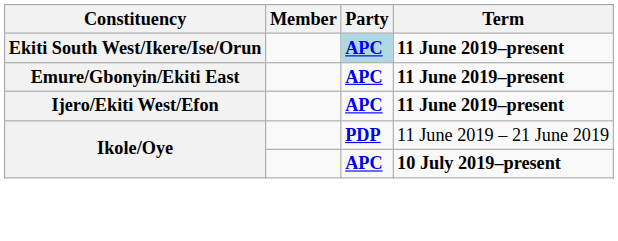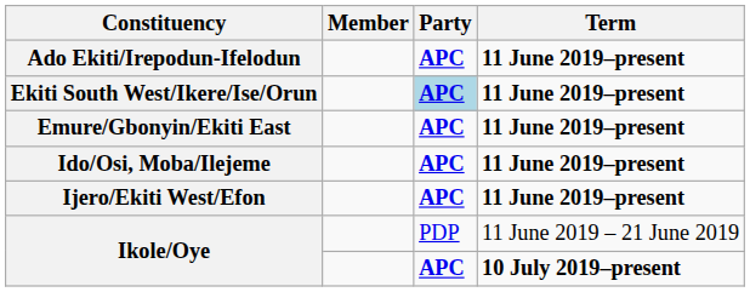 <table class="wikitable">
 <tr valign=bottom>
 <th>Constituency</th>
 <th>Member</th>
 <th>Party</th>
 <th>Term</th>
+</tr>
+<tr>
+<th>Ado Ekiti/Irepodun-Ifelodun</th>
+<td><strong></strong></td>
+<td><strong><a href='#'>APC</a></strong></td>
+<td><strong>11 June 2019–present</strong></td>
 </tr>
 <tr>
 <th>Ekiti South West/Ikere/Ise/Orun</th>
 <td><strong></strong></td>
 <td style="background: lightblue;"><strong><a href='#'>APC</a></strong></td>
 <td><strong>11 June 2019–present</strong></td>
 </tr>
 <tr>
 <th>Emure/Gbonyin/Ekiti East</th>
 <td><strong></strong></td>
 <td><strong><a href='#'>APC</a></strong></td>
 <td><strong>11 June 2019–present</strong></td>
 </tr>
 <tr>
+<th>Ido/Osi, Moba/Ilejeme</th>
+<td><strong></strong></td>
+<td><strong><a href='#'>APC</a></strong></td>
+<td><strong>11 June 2019–present</strong></td>
+</tr>
+<tr>
 <th>Ijero/Ekiti West/Efon</th>
 <td><strong></strong></td>
 <td><strong><a href='#'>APC</a></strong></td>
 <td><strong>11 June 2019–present</strong></td>
 </tr>
 <tr>
 <th rowspan=2>Ikole/Oye</th>
 <td style="opacity:.4;"></td>
-<td><strong><a href='#'>PDP</a></strong></td>
+<td><a href='#'>PDP</a></td>
 <td>11 June 2019 – 21 June 2019</td>
 </tr>
 <tr>
 <td><strong></strong></td>
 <td><strong><a href='#'>APC</a></strong></td>
 <td><strong>10 July 2019–present</strong></td>
 </tr>
 </table>
